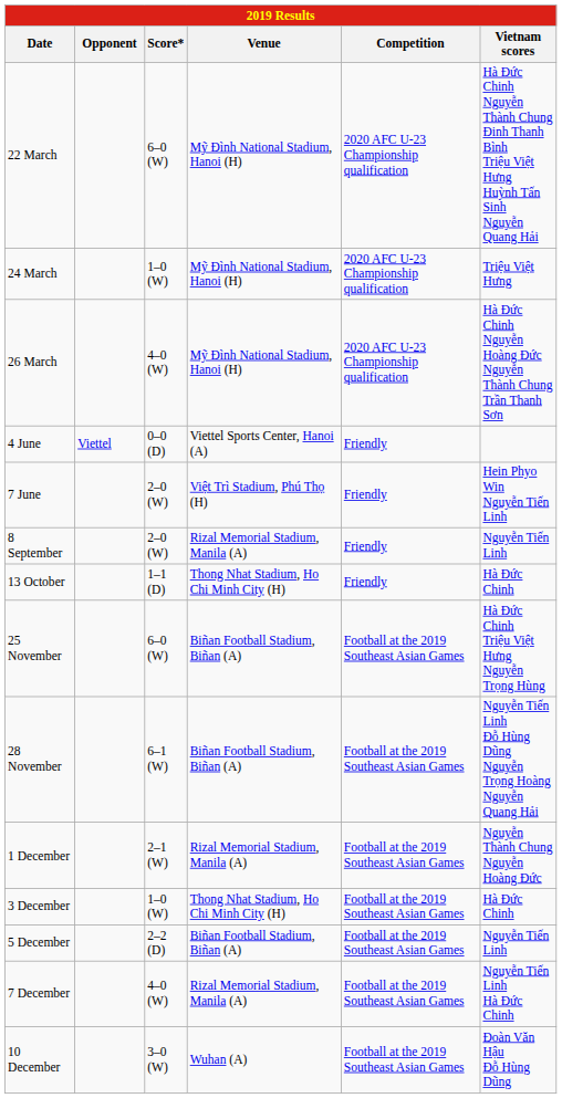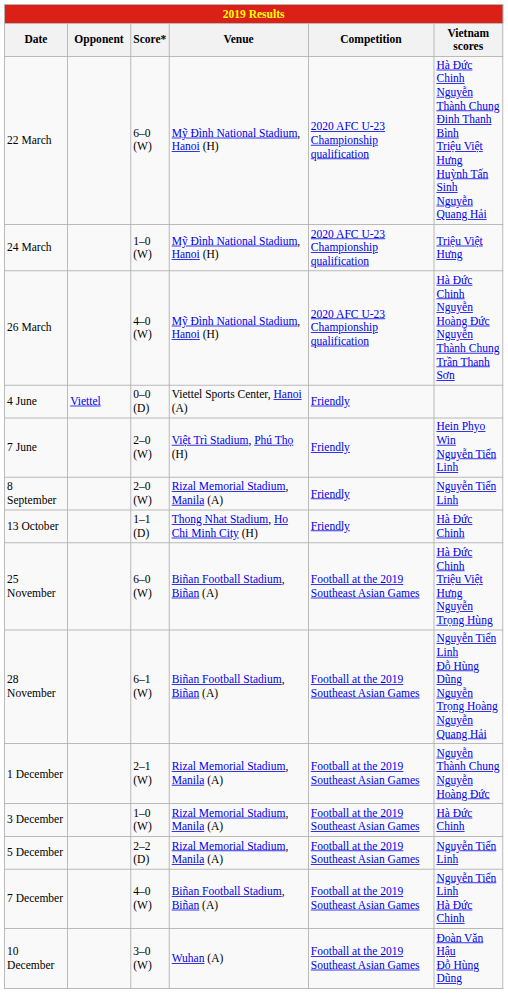 <table class="wikitable" width=100% style="text-align:left;font-size:90%;">
 <tr>
 <th colspan=9 style="background: #DB2017; color: #FFFF00;">2019 Results</th>
 </tr>
 <tr>
 <th width=80>Date</th>
 <th width=80>Opponent</th>
 <th width=20>Score*</th>
 <th width=250>Venue</th>
 <th width=200>Competition</th>
 <th width=100>Vietnam scores</th>
 </tr>
 <tr>
 <td>22 March</td>
 <td></td>
 <td>6–0 (W)</td>
 <td><a href='#'>Mỹ Đình National Stadium</a>, <a href='#'>Hanoi</a> (H)</td>
 <td><a href='#'>2020 AFC U-23 Championship qualification</a></td>
 <td><a href='#'>Hà Đức Chinh</a> <br><a href='#'>Nguyễn Thành Chung</a> <br><a href='#'>Đinh Thanh Bình</a> <br><a href='#'>Triệu Việt Hưng</a> <br><a href='#'>Huỳnh Tấn Sinh</a> <br><a href='#'>Nguyễn Quang Hải</a> </td>
 </tr>
 <tr>
 <td>24 March</td>
 <td></td>
 <td>1–0 (W)</td>
 <td><a href='#'>Mỹ Đình National Stadium</a>, <a href='#'>Hanoi</a> (H)</td>
 <td><a href='#'>2020 AFC U-23 Championship qualification</a></td>
 <td><a href='#'>Triệu Việt Hưng</a> </td>
 </tr>
 <tr>
 <td>26 March</td>
 <td></td>
 <td>4–0 (W)</td>
 <td><a href='#'>Mỹ Đình National Stadium</a>, <a href='#'>Hanoi</a> (H)</td>
 <td><a href='#'>2020 AFC U-23 Championship qualification</a></td>
 <td><a href='#'>Hà Đức Chinh</a> <br><a href='#'>Nguyễn Hoàng Đức</a> <br><a href='#'>Nguyễn Thành Chung</a> <br><a href='#'>Trần Thanh Sơn</a> </td>
 </tr>
 <tr>
 <td>4 June</td>
 <td> <a href='#'>Viettel</a></td>
 <td>0–0 (D)</td>
 <td>Viettel Sports Center, <a href='#'>Hanoi</a> (A)</td>
 <td><a href='#'>Friendly</a></td>
 <td></td>
 </tr>
 <tr>
 <td>7 June</td>
 <td></td>
 <td>2–0 (W)</td>
 <td><a href='#'>Việt Trì Stadium</a>, <a href='#'>Phú Thọ</a> (H)</td>
 <td><a href='#'>Friendly</a></td>
 <td><a href='#'>Hein Phyo Win</a> <br><a href='#'>Nguyễn Tiến Linh</a> </td>
 </tr>
 <tr>
 <td>8 September</td>
 <td></td>
 <td>2–0 (W)</td>
 <td><a href='#'>Rizal Memorial Stadium</a>, <a href='#'>Manila</a> (A)</td>
 <td><a href='#'>Friendly</a></td>
 <td><a href='#'>Nguyễn Tiến Linh</a> </td>
 </tr>
 <tr>
 <td>13 October</td>
 <td></td>
 <td>1–1 (D)</td>
 <td><a href='#'>Thong Nhat Stadium</a>, <a href='#'>Ho Chi Minh City</a> (H)</td>
 <td><a href='#'>Friendly</a></td>
 <td><a href='#'>Hà Đức Chinh</a> </td>
 </tr>
 <tr>
 <td>25 November</td>
 <td></td>
 <td>6–0 (W)</td>
 <td><a href='#'>Biñan Football Stadium</a>, <a href='#'>Biñan</a> (A)</td>
 <td><a href='#'>Football at the 2019 Southeast Asian Games</a></td>
 <td><a href='#'>Hà Đức Chinh</a> <br><a href='#'>Triệu Việt Hưng</a> <br><a href='#'>Nguyễn Trọng Hùng</a> </td>
 </tr>
 <tr>
 <td>28 November</td>
 <td></td>
 <td>6–1 (W)</td>
 <td><a href='#'>Biñan Football Stadium</a>, <a href='#'>Biñan</a> (A)</td>
 <td><a href='#'>Football at the 2019 Southeast Asian Games</a></td>
 <td><a href='#'>Nguyễn Tiến Linh</a> <br><a href='#'>Đỗ Hùng Dũng</a> <br><a href='#'>Nguyễn Trọng Hoàng</a> <br><a href='#'>Nguyễn Quang Hải</a> </td>
 </tr>
 <tr>
 <td>1 December</td>
 <td></td>
 <td>2–1 (W)</td>
 <td><a href='#'>Rizal Memorial Stadium</a>, <a href='#'>Manila</a> (A)</td>
 <td><a href='#'>Football at the 2019 Southeast Asian Games</a></td>
 <td><a href='#'>Nguyễn Thành Chung</a> <br><a href='#'>Nguyễn Hoàng Đức</a> </td>
 </tr>
 <tr>
 <td>3 December</td>
 <td></td>
 <td>1–0 (W)</td>
-<td><a href='#'>Thong Nhat Stadium</a>, <a href='#'>Ho Chi Minh City</a> (H)</td>
+<td><a href='#'>Rizal Memorial Stadium</a>, <a href='#'>Manila</a> (A)</td>
 <td><a href='#'>Football at the 2019 Southeast Asian Games</a></td>
 <td><a href='#'>Hà Đức Chinh</a> </td>
 </tr>
 <tr>
 <td>5 December</td>
 <td></td>
 <td>2–2 (D)</td>
-<td><a href='#'>Biñan Football Stadium</a>, <a href='#'>Biñan</a> (A)</td>
+<td><a href='#'>Rizal Memorial Stadium</a>, <a href='#'>Manila</a> (A)</td>
 <td><a href='#'>Football at the 2019 Southeast Asian Games</a></td>
 <td><a href='#'>Nguyễn Tiến Linh</a> </td>
 </tr>
 <tr>
 <td>7 December</td>
 <td></td>
 <td>4–0 (W)</td>
-<td><a href='#'>Rizal Memorial Stadium</a>, <a href='#'>Manila</a> (A)</td>
+<td><a href='#'>Biñan Football Stadium</a>, <a href='#'>Biñan</a> (A)</td>
 <td><a href='#'>Football at the 2019 Southeast Asian Games</a></td>
 <td><a href='#'>Nguyễn Tiến Linh</a> <br><a href='#'>Hà Đức Chinh</a> </td>
 </tr>
 <tr>
 <td>10 December</td>
 <td></td>
 <td>3–0 (W)</td>
 <td><a href='#'>Wuhan</a> (A)</td>
 <td><a href='#'>Football at the 2019 Southeast Asian Games</a></td>
 <td><a href='#'>Đoàn Văn Hậu</a> <br><a href='#'>Đỗ Hùng Dũng</a> </td>
 </tr>
 </table>
